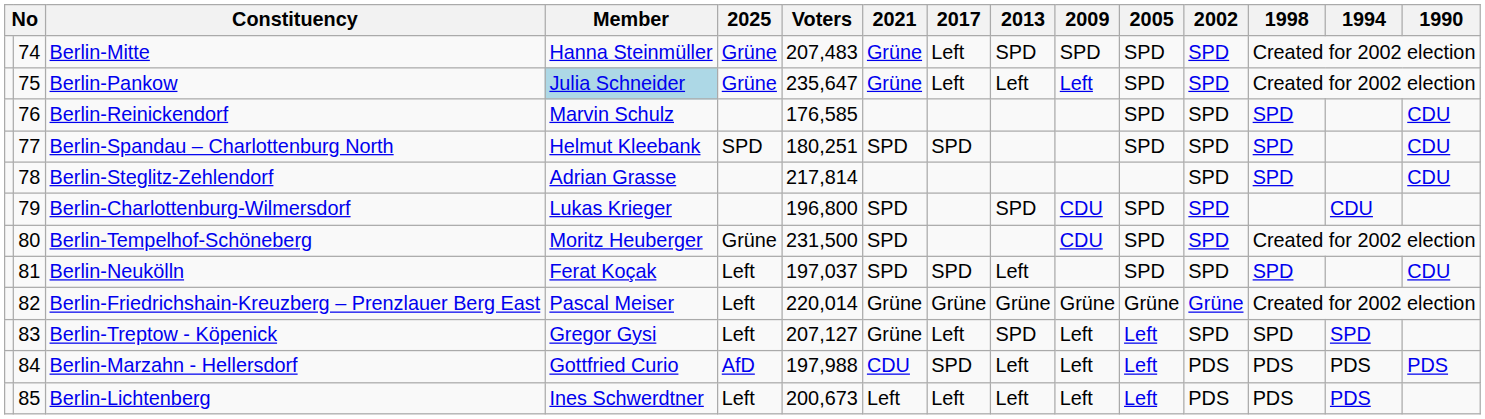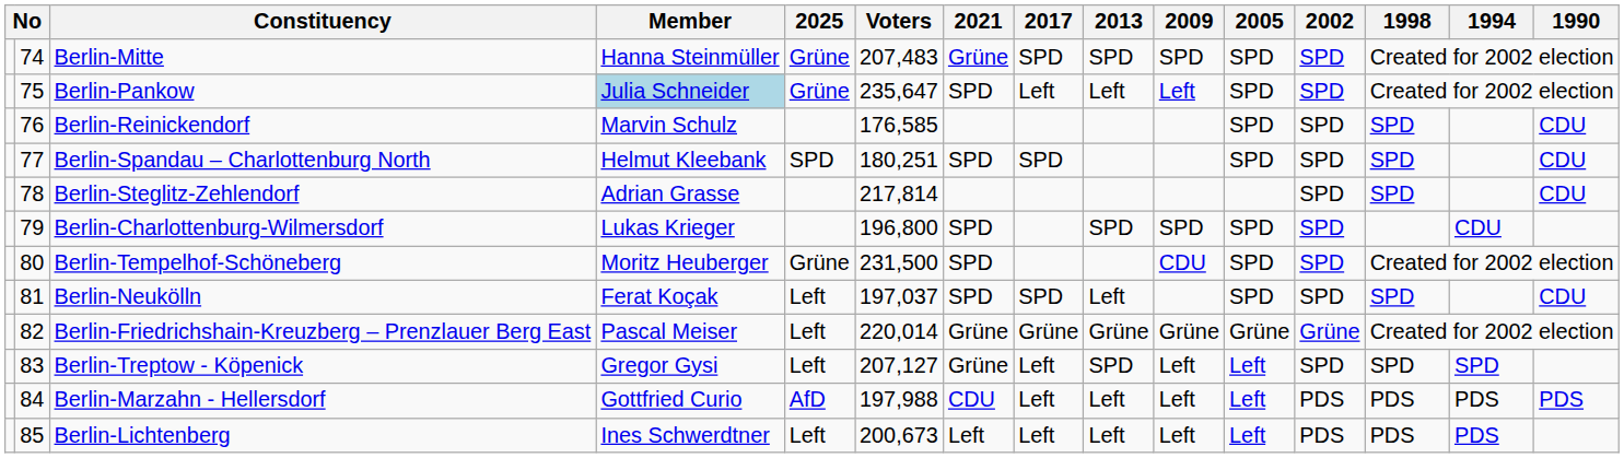 <table class="wikitable sortable">
 <tr>
 <th colspan=2>No</th>
 <th>Constituency</th>
 <th>Member</th>
 <th>2025</th>
 <th>Voters</th>
 <th>2021</th>
 <th>2017</th>
 <th>2013</th>
 <th>2009</th>
 <th>2005</th>
 <th>2002</th>
 <th>1998</th>
 <th>1994</th>
 <th>1990</th>
 </tr>
 <tr>
 <td style="background-color: "></td>
 <td>74</td>
 <td><a href='#'>Berlin-Mitte</a></td>
 <td><a href='#'>Hanna Steinmüller</a></td>
 <td><a href='#'>Grüne</a></td>
 <td>207,483</td>
 <td><a href='#'>Grüne</a></td>
-<td>Left</td>
+<td bgcolor=>SPD</td>
 <td bgcolor=>SPD</td>
 <td bgcolor=>SPD</td>
 <td bgcolor=>SPD</td>
 <td><a href='#'>SPD</a></td>
 <td colspan=3>Created for 2002 election</td>
 </tr>
 <tr>
 <td style="background-color: "></td>
 <td>75</td>
 <td><a href='#'>Berlin-Pankow</a></td>
 <td style="background: lightblue;"><a href='#'>Julia Schneider</a></td>
 <td><a href='#'>Grüne</a></td>
 <td>235,647</td>
-<td><a href='#'>Grüne</a></td>
+<td bgcolor=>SPD</td>
 <td>Left</td>
 <td>Left</td>
 <td><a href='#'>Left</a></td>
 <td bgcolor=>SPD</td>
 <td><a href='#'>SPD</a></td>
 <td colspan=3>Created for 2002 election</td>
 </tr>
 <tr>
 <td style="background-color: "></td>
 <td>76</td>
 <td><a href='#'>Berlin-Reinickendorf</a></td>
 <td><a href='#'>Marvin Schulz</a></td>
 <td></td>
 <td>176,585</td>
 <td></td>
 <td></td>
 <td></td>
 <td></td>
 <td bgcolor=>SPD</td>
 <td bgcolor=>SPD</td>
 <td><a href='#'>SPD</a></td>
 <td></td>
 <td><a href='#'>CDU</a></td>
 </tr>
 <tr>
 <td style="background-color: "></td>
 <td>77</td>
 <td><a href='#'>Berlin-Spandau – Charlottenburg North</a></td>
 <td><a href='#'>Helmut Kleebank</a></td>
 <td bgcolor=>SPD</td>
 <td>180,251</td>
 <td bgcolor=>SPD</td>
 <td bgcolor=>SPD</td>
 <td></td>
 <td></td>
 <td bgcolor=>SPD</td>
 <td bgcolor=>SPD</td>
 <td><a href='#'>SPD</a></td>
 <td></td>
 <td><a href='#'>CDU</a></td>
 </tr>
 <tr>
 <td style="background-color: "></td>
 <td>78</td>
 <td><a href='#'>Berlin-Steglitz-Zehlendorf</a></td>
 <td><a href='#'>Adrian Grasse</a></td>
 <td></td>
 <td>217,814</td>
 <td></td>
 <td></td>
 <td></td>
 <td></td>
 <td></td>
 <td bgcolor=>SPD</td>
 <td><a href='#'>SPD</a></td>
 <td></td>
 <td><a href='#'>CDU</a></td>
 </tr>
 <tr>
 <td style="background-color: "></td>
 <td>79</td>
 <td><a href='#'>Berlin-Charlottenburg-Wilmersdorf</a></td>
 <td><a href='#'>Lukas Krieger</a></td>
 <td></td>
 <td>196,800</td>
 <td bgcolor=>SPD</td>
 <td></td>
 <td bgcolor=>SPD</td>
-<td><a href='#'>CDU</a></td>
+<td bgcolor=>SPD</td>
 <td bgcolor=>SPD</td>
 <td><a href='#'>SPD</a></td>
 <td></td>
 <td><a href='#'>CDU</a></td>
 </tr>
 <tr>
 <td style="background-color: "></td>
 <td>80</td>
 <td><a href='#'>Berlin-Tempelhof-Schöneberg</a></td>
 <td><a href='#'>Moritz Heuberger</a></td>
 <td bgcolor=>Grüne</td>
 <td>231,500</td>
 <td bgcolor=>SPD</td>
 <td></td>
 <td></td>
 <td><a href='#'>CDU</a></td>
 <td bgcolor=>SPD</td>
 <td><a href='#'>SPD</a></td>
 <td colspan=3>Created for 2002 election</td>
 </tr>
 <tr>
 <td style="background-color: "></td>
 <td>81</td>
 <td><a href='#'>Berlin-Neukölln</a></td>
 <td><a href='#'>Ferat Koçak</a></td>
 <td>Left</td>
 <td>197,037</td>
 <td bgcolor=>SPD</td>
 <td bgcolor=>SPD</td>
 <td>Left</td>
 <td></td>
 <td bgcolor=>SPD</td>
 <td bgcolor=>SPD</td>
 <td><a href='#'>SPD</a></td>
 <td></td>
 <td><a href='#'>CDU</a></td>
 </tr>
 <tr>
 <td style="background-color: "></td>
 <td>82</td>
 <td><a href='#'>Berlin-Friedrichshain-Kreuzberg – Prenzlauer Berg East</a></td>
 <td><a href='#'>Pascal Meiser</a></td>
 <td>Left</td>
 <td>220,014</td>
 <td bgcolor=>Grüne</td>
 <td bgcolor=>Grüne</td>
 <td bgcolor=>Grüne</td>
 <td bgcolor=>Grüne</td>
 <td bgcolor=>Grüne</td>
 <td bgcolor=><a href='#'>Grüne</a></td>
 <td colspan=3>Created for 2002 election</td>
 </tr>
 <tr>
 <td style="background-color: "></td>
 <td>83</td>
 <td><a href='#'>Berlin-Treptow - Köpenick</a></td>
 <td><a href='#'>Gregor Gysi</a></td>
 <td>Left</td>
 <td>207,127</td>
 <td bgcolor=>Grüne</td>
 <td>Left</td>
 <td bgcolor=>SPD</td>
 <td>Left</td>
 <td><a href='#'>Left</a></td>
 <td bgcolor=>SPD</td>
 <td bgcolor=>SPD</td>
 <td><a href='#'>SPD</a></td>
 <td></td>
 </tr>
 <tr>
 <td style="background-color: "></td>
 <td>84</td>
 <td><a href='#'>Berlin-Marzahn - Hellersdorf</a></td>
 <td><a href='#'>Gottfried Curio</a></td>
 <td><a href='#'>AfD</a></td>
 <td>197,988</td>
 <td><a href='#'>CDU</a></td>
-<td bgcolor=>SPD</td>
+<td>Left</td>
 <td>Left</td>
 <td>Left</td>
 <td><a href='#'>Left</a></td>
 <td>PDS</td>
 <td>PDS</td>
 <td>PDS</td>
 <td><a href='#'>PDS</a></td>
 </tr>
 <tr>
 <td style="background-color: "></td>
 <td>85</td>
 <td><a href='#'>Berlin-Lichtenberg</a></td>
 <td><a href='#'>Ines Schwerdtner</a></td>
 <td>Left</td>
 <td>200,673</td>
 <td>Left</td>
 <td>Left</td>
 <td>Left</td>
 <td>Left</td>
 <td><a href='#'>Left</a></td>
 <td>PDS</td>
 <td>PDS</td>
 <td><a href='#'>PDS</a></td>
 <td></td>
 </tr>
 </table>
